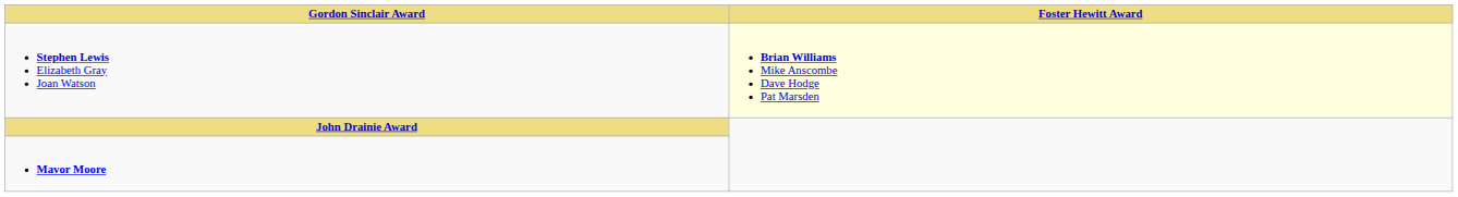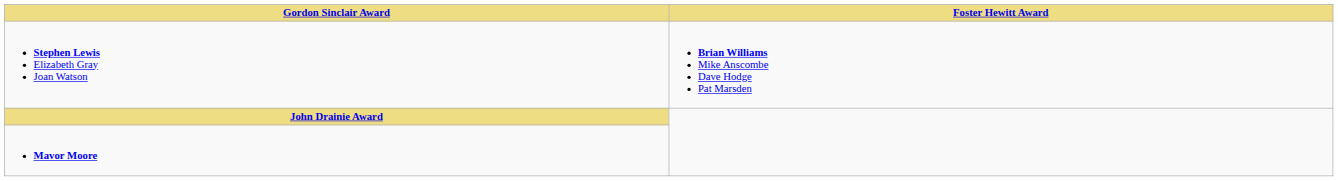 <table class=wikitable width="100%">
 <tr>
 <th style="background:#EEDD82; width:50%"><a href='#'>Gordon Sinclair Award</a></th>
 <th style="background:#EEDD82; width:50%"><a href='#'>Foster Hewitt Award</a></th>
 </tr>
 <tr>
 <td valign="top"><br><ul><li> <strong><a href='#'>Stephen Lewis</a></strong></li><li><a href='#'>Elizabeth Gray</a></li><li><a href='#'>Joan Watson</a></li></ul></td>
-<td valign="top" style="background: lightyellow;"><br><ul><li> <strong><a href='#'>Brian Williams</a></strong></li><li><a href='#'>Mike Anscombe</a></li><li><a href='#'>Dave Hodge</a></li><li><a href='#'>Pat Marsden</a></li></ul></td>
+<td valign="top"><br><ul><li> <strong><a href='#'>Brian Williams</a></strong></li><li><a href='#'>Mike Anscombe</a></li><li><a href='#'>Dave Hodge</a></li><li><a href='#'>Pat Marsden</a></li></ul></td>
 </tr>
 <tr>
 <th style="background:#EEDD82; width:50%"><a href='#'>John Drainie Award</a></th>
 </tr>
 <tr>
 <td valign="top"><br><ul><li> <strong><a href='#'>Mavor Moore</a></strong></li></ul></td>
 </tr>
 </table>
